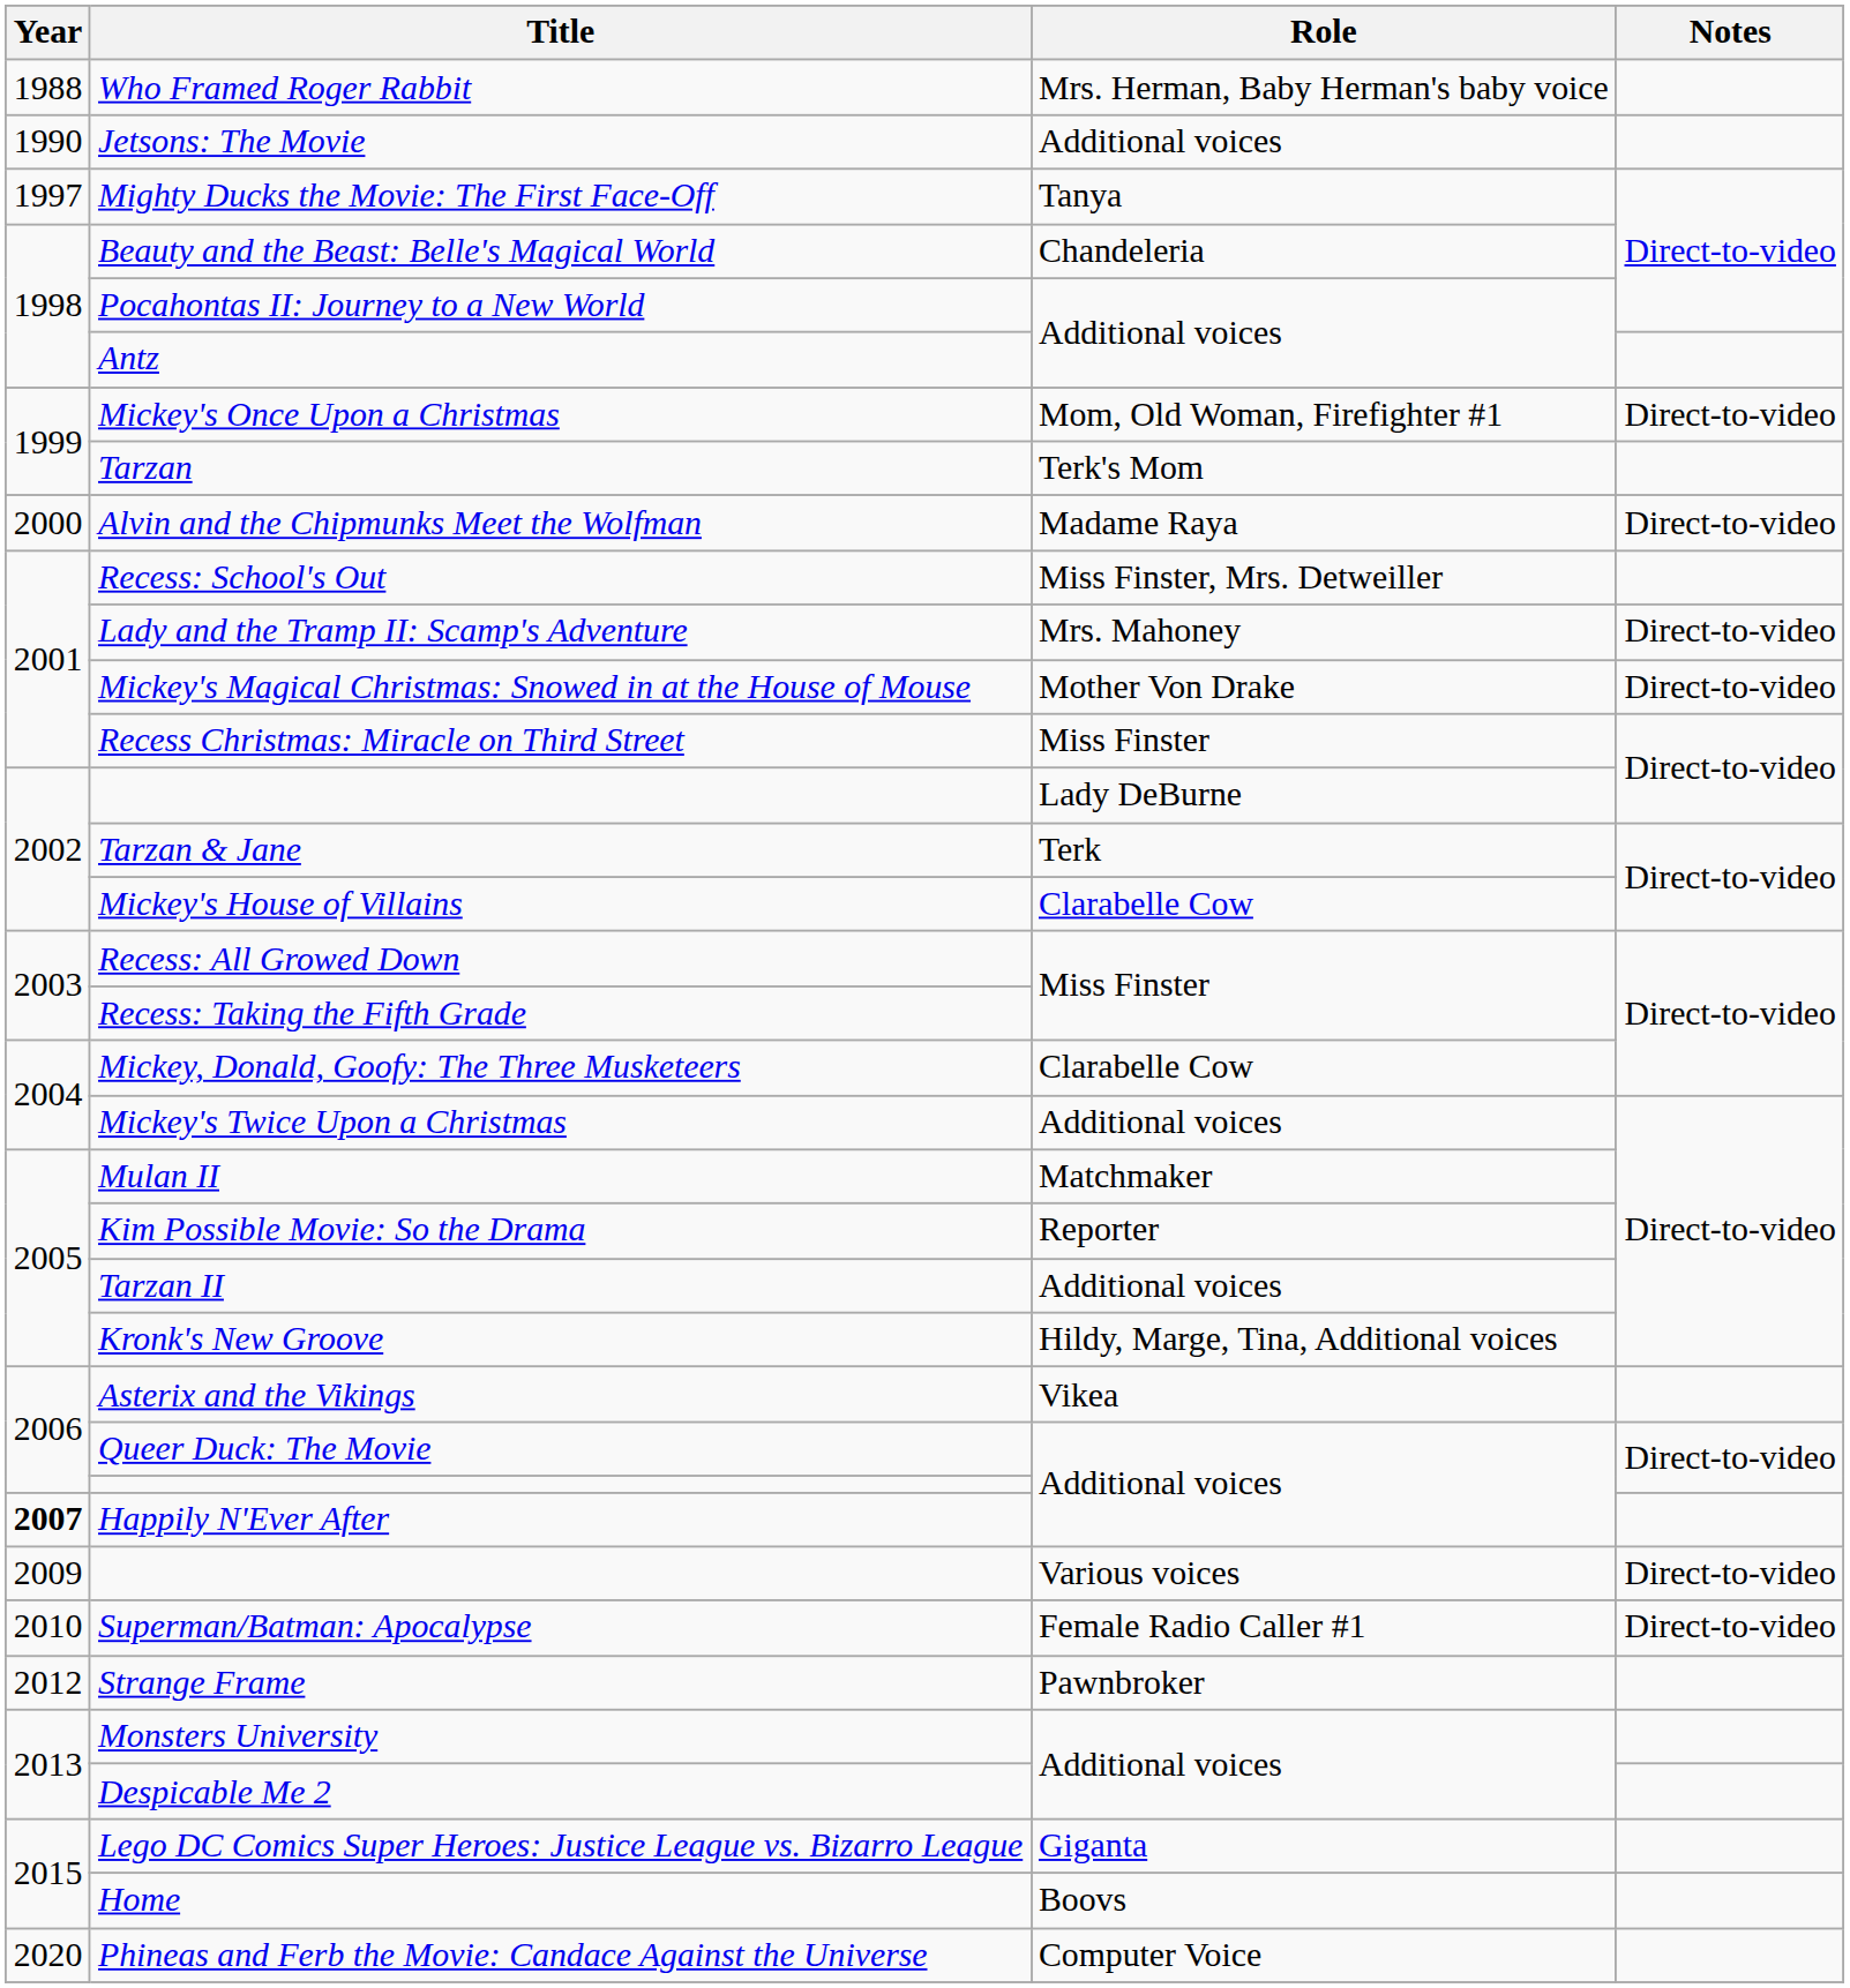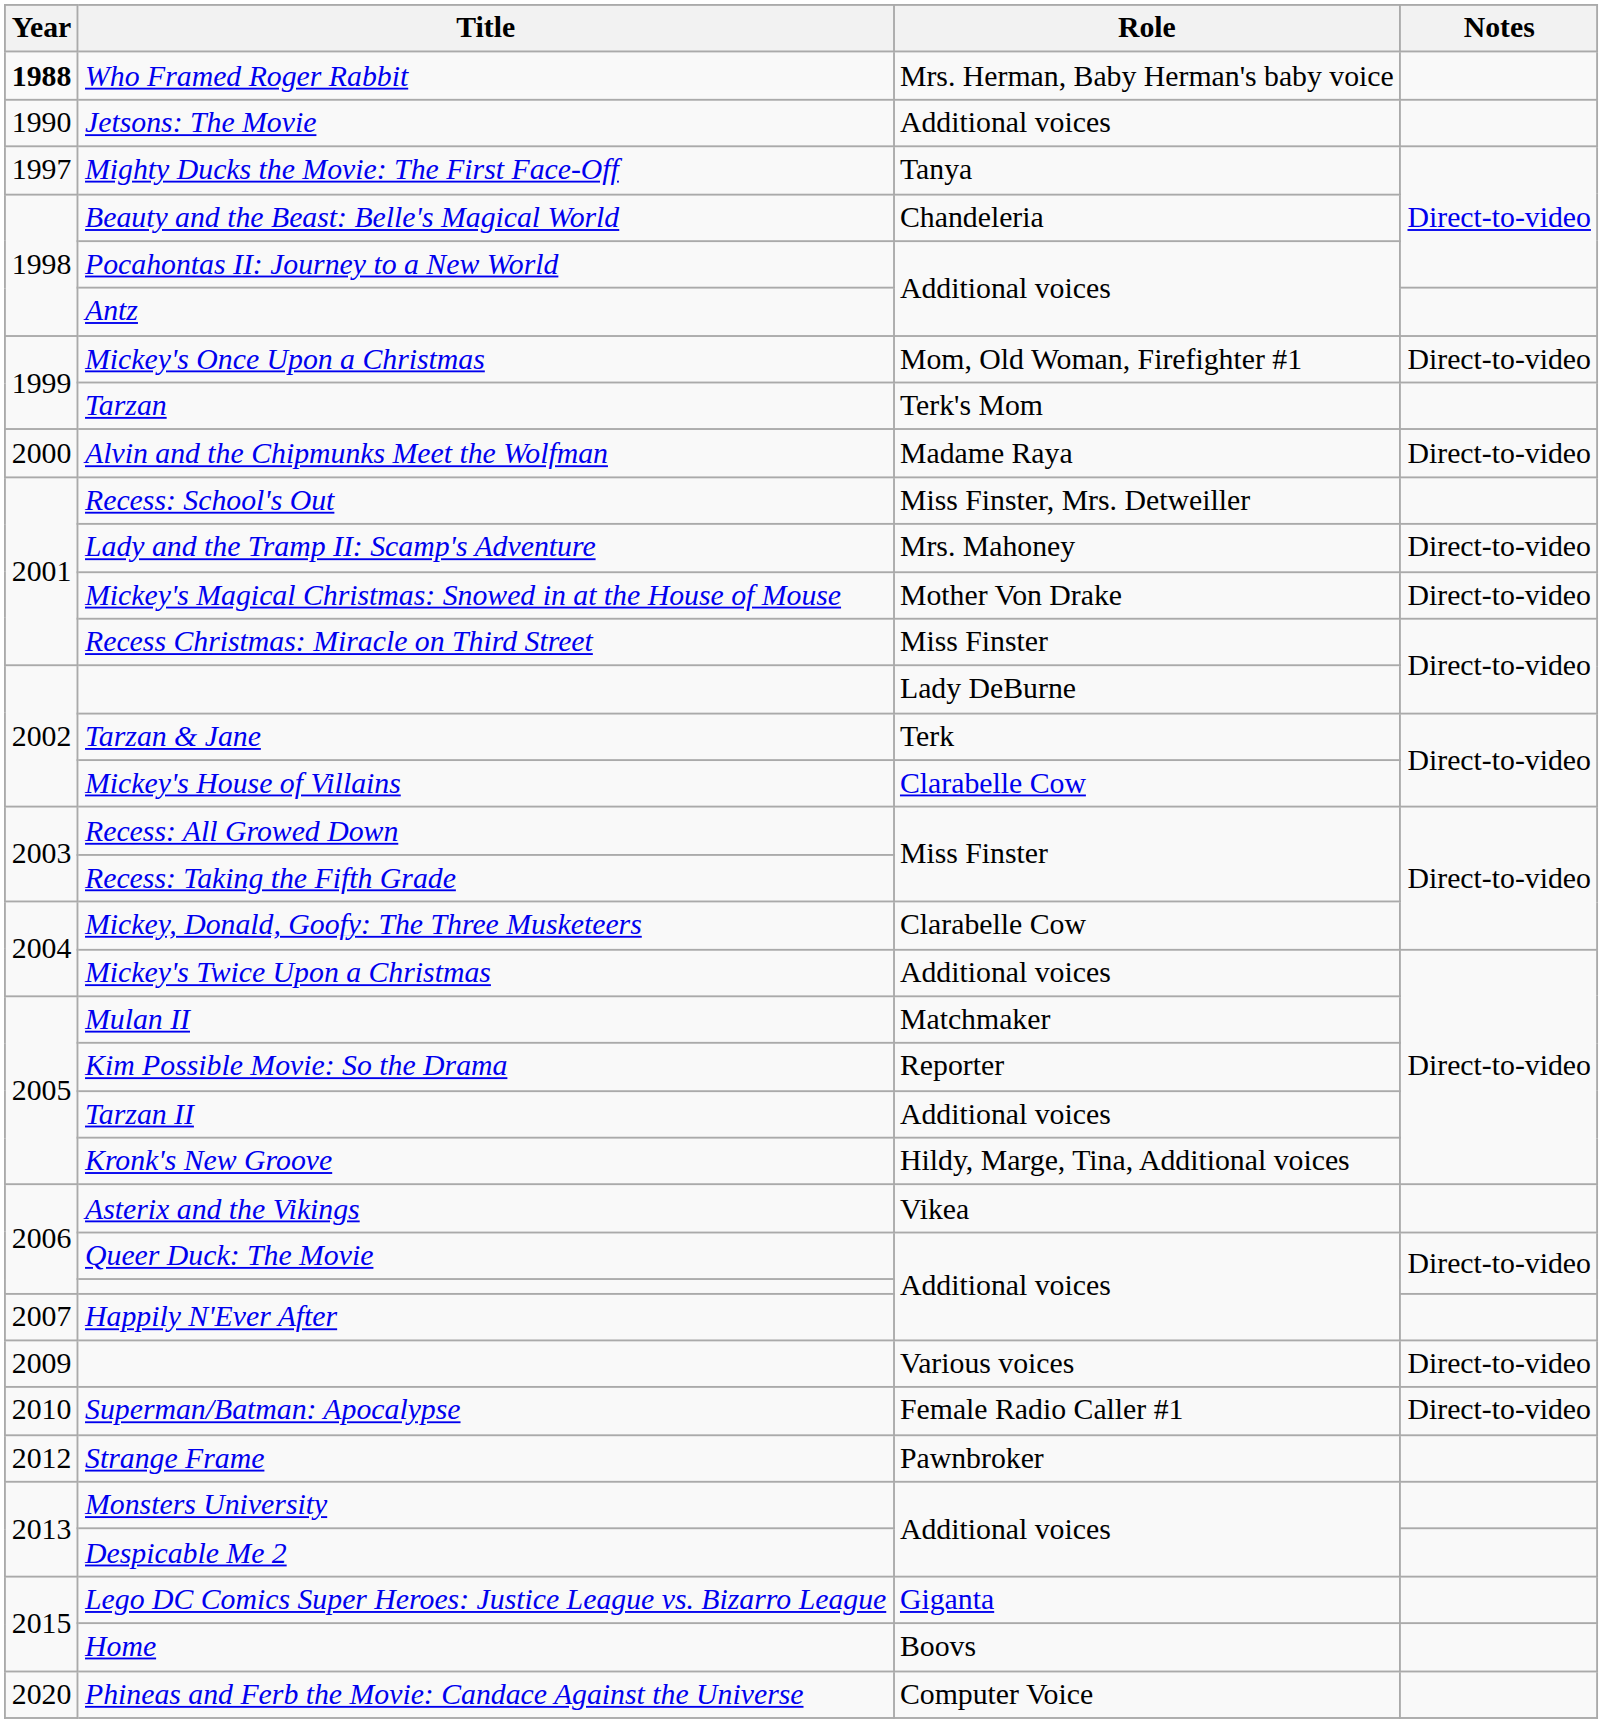 <table class = "wikitable sortable">
 <tr>
 <th>Year</th>
 <th>Title</th>
 <th>Role</th>
 <th class = "unsortable">Notes</th>
 </tr>
 <tr>
-<td>1988</td>
+<td><strong>1988</strong></td>
 <td><em><a href='#'>Who Framed Roger Rabbit</a></em></td>
 <td>Mrs. Herman, Baby Herman's baby voice</td>
 <td></td>
 </tr>
 <tr>
 <td>1990</td>
 <td><em><a href='#'>Jetsons: The Movie</a></em></td>
 <td>Additional voices</td>
 <td></td>
 </tr>
 <tr>
 <td>1997</td>
 <td><em><a href='#'>Mighty Ducks the Movie: The First Face-Off</a></em></td>
 <td>Tanya</td>
 <td rowspan="3"><a href='#'>Direct-to-video</a></td>
 </tr>
 <tr>
 <td rowspan="3">1998</td>
 <td><em><a href='#'>Beauty and the Beast: Belle's Magical World</a></em></td>
 <td>Chandeleria</td>
 </tr>
 <tr>
 <td><em><a href='#'>Pocahontas II: Journey to a New World</a></em></td>
 <td rowspan="2">Additional voices</td>
 </tr>
 <tr>
 <td><em><a href='#'>Antz</a></em></td>
 <td></td>
 </tr>
 <tr>
 <td rowspan="2">1999</td>
 <td><em><a href='#'>Mickey's Once Upon a Christmas</a></em></td>
 <td>Mom, Old Woman, Firefighter #1</td>
 <td>Direct-to-video</td>
 </tr>
 <tr>
 <td><em><a href='#'>Tarzan</a></em></td>
 <td>Terk's Mom</td>
 <td></td>
 </tr>
 <tr>
 <td>2000</td>
 <td><em><a href='#'>Alvin and the Chipmunks Meet the Wolfman</a></em></td>
 <td>Madame Raya</td>
 <td>Direct-to-video</td>
 </tr>
 <tr>
 <td rowspan="4">2001</td>
 <td><em><a href='#'>Recess: School's Out</a></em></td>
 <td>Miss Finster, Mrs. Detweiller</td>
 <td></td>
 </tr>
 <tr>
 <td><em><a href='#'>Lady and the Tramp II: Scamp's Adventure</a></em></td>
 <td>Mrs. Mahoney</td>
 <td>Direct-to-video</td>
 </tr>
 <tr>
 <td><em><a href='#'>Mickey's Magical Christmas: Snowed in at the House of Mouse</a></em></td>
 <td>Mother Von Drake</td>
 <td>Direct-to-video</td>
 </tr>
 <tr>
 <td><em><a href='#'>Recess Christmas: Miracle on Third Street</a></em></td>
 <td>Miss Finster</td>
 <td rowspan="2">Direct-to-video</td>
 </tr>
 <tr>
 <td rowspan="3">2002</td>
 <td><em></em></td>
 <td>Lady DeBurne</td>
 </tr>
 <tr>
 <td><em><a href='#'>Tarzan & Jane</a></em></td>
 <td>Terk</td>
 <td rowspan="2">Direct-to-video</td>
 </tr>
 <tr>
 <td><em><a href='#'>Mickey's House of Villains</a></em></td>
 <td><a href='#'>Clarabelle Cow</a></td>
 </tr>
 <tr>
 <td rowspan="2">2003</td>
 <td><em><a href='#'>Recess: All Growed Down</a></em></td>
 <td rowspan="2">Miss Finster</td>
 <td rowspan="3">Direct-to-video</td>
 </tr>
 <tr>
 <td><em><a href='#'>Recess: Taking the Fifth Grade</a></em></td>
 </tr>
 <tr>
 <td rowspan="2">2004</td>
 <td><em><a href='#'>Mickey, Donald, Goofy: The Three Musketeers</a></em></td>
 <td>Clarabelle Cow</td>
 </tr>
 <tr>
 <td><em><a href='#'>Mickey's Twice Upon a Christmas</a></em></td>
 <td>Additional voices</td>
 <td rowspan="5">Direct-to-video</td>
 </tr>
 <tr>
 <td rowspan="4">2005</td>
 <td><em><a href='#'>Mulan II</a></em></td>
 <td>Matchmaker</td>
 </tr>
 <tr>
 <td><em><a href='#'>Kim Possible Movie: So the Drama</a></em></td>
 <td>Reporter</td>
 </tr>
 <tr>
 <td><em><a href='#'>Tarzan II</a></em></td>
 <td>Additional voices</td>
 </tr>
 <tr>
 <td><em><a href='#'>Kronk's New Groove</a></em></td>
 <td>Hildy, Marge, Tina, Additional voices</td>
 </tr>
 <tr>
 <td rowspan="3">2006</td>
 <td><em><a href='#'>Asterix and the Vikings</a></em></td>
 <td>Vikea</td>
 <td></td>
 </tr>
 <tr>
 <td><em><a href='#'>Queer Duck: The Movie</a></em></td>
 <td rowspan="3">Additional voices</td>
 <td rowspan="2">Direct-to-video</td>
 </tr>
 <tr>
 <td><em></em></td>
 </tr>
 <tr>
-<td><strong>2007</strong></td>
+<td>2007</td>
 <td><em><a href='#'>Happily N'Ever After</a></em></td>
 <td></td>
 </tr>
 <tr>
 <td>2009</td>
 <td><em></em></td>
 <td>Various voices</td>
 <td>Direct-to-video</td>
 </tr>
 <tr>
 <td>2010</td>
 <td><em><a href='#'>Superman/Batman: Apocalypse</a></em></td>
 <td>Female Radio Caller #1</td>
 <td>Direct-to-video</td>
 </tr>
 <tr>
 <td>2012</td>
 <td><em><a href='#'>Strange Frame</a></em></td>
 <td>Pawnbroker</td>
 <td></td>
 </tr>
 <tr>
 <td rowspan="2">2013</td>
 <td><em><a href='#'>Monsters University</a></em></td>
 <td rowspan="2">Additional voices</td>
 <td></td>
 </tr>
 <tr>
 <td><em><a href='#'>Despicable Me 2</a></em></td>
 <td></td>
 </tr>
 <tr>
 <td rowspan="2">2015</td>
 <td><em><a href='#'>Lego DC Comics Super Heroes: Justice League vs. Bizarro League</a></em></td>
 <td><a href='#'>Giganta</a></td>
 <td></td>
 </tr>
 <tr>
 <td><em><a href='#'>Home</a></em></td>
 <td>Boovs</td>
 <td></td>
 </tr>
 <tr>
 <td>2020</td>
 <td><em><a href='#'>Phineas and Ferb the Movie: Candace Against the Universe</a></em></td>
 <td>Computer Voice</td>
 <td></td>
 </tr>
 </table>
